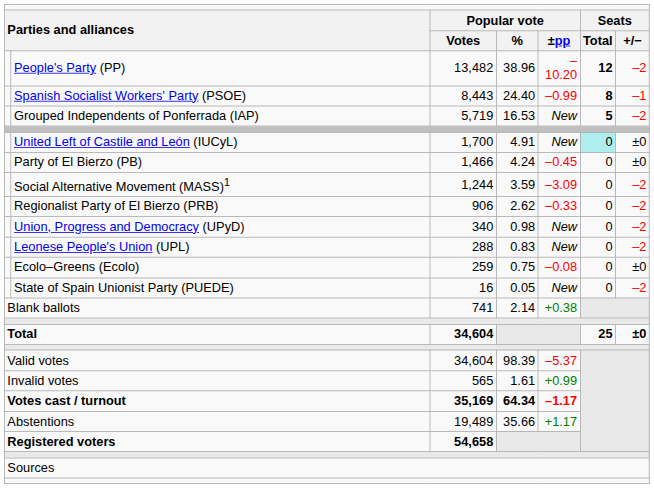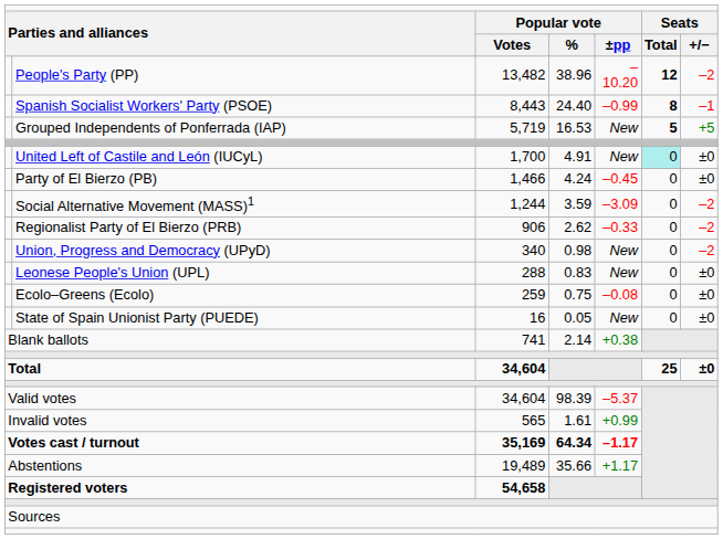 <table class="wikitable" style="text-align:right;">
 <tr>
 <td colspan="7"></td>
 </tr>
 <tr>
 <th style="text-align:left;" rowspan="2" colspan="2" width="525">Parties and alliances</th>
 <th colspan="3">Popular vote</th>
 <th colspan="2">Seats</th>
 </tr>
 <tr>
 <th width="75">Votes</th>
 <th width="45">%</th>
 <th width="45">±<a href='#'>pp</a></th>
 <th width="35">Total</th>
 <th width="35">+/−</th>
 </tr>
 <tr>
 <td width="1" style="color:inherit;background:"></td>
 <td align="left"><a href='#'>People's Party</a> (PP)</td>
 <td>13,482</td>
 <td>38.96</td>
 <td style="color:red;">–10.20</td>
 <td><strong>12</strong></td>
 <td style="color:red;">–2</td>
 </tr>
 <tr>
 <td style="color:inherit;background:"></td>
 <td align="left"><a href='#'>Spanish Socialist Workers' Party</a> (PSOE)</td>
 <td>8,443</td>
 <td>24.40</td>
 <td style="color:red;">–0.99</td>
 <td><strong>8</strong></td>
 <td style="color:red;">–1</td>
 </tr>
 <tr>
 <td style="color:inherit;background:"></td>
 <td align="left">Grouped Independents of Ponferrada (IAP)</td>
 <td>5,719</td>
 <td>16.53</td>
 <td><em>New</em></td>
 <td><strong>5</strong></td>
-<td style="color:red;">–2</td>
+<td style="color:green;">+5</td>
 </tr>
 <tr>
 <td colspan="7" bgcolor="#C0C0C0"></td>
 </tr>
 <tr>
 <td style="color:inherit;background:"></td>
 <td align="left"><a href='#'>United Left of Castile and León</a> (IUCyL)</td>
 <td>1,700</td>
 <td>4.91</td>
 <td><em>New</em></td>
 <td style="background: paleturquoise;">0</td>
 <td>±0</td>
 </tr>
 <tr>
 <td style="color:inherit;background:"></td>
 <td align="left">Party of El Bierzo (PB)</td>
 <td>1,466</td>
 <td>4.24</td>
 <td style="color:red;">–0.45</td>
 <td>0</td>
 <td>±0</td>
 </tr>
 <tr>
 <td style="color:inherit;background:"></td>
 <td align="left">Social Alternative Movement (MASS)<sup>1</sup></td>
 <td>1,244</td>
 <td>3.59</td>
 <td style="color:red;">–3.09</td>
 <td>0</td>
 <td style="color:red;">–2</td>
 </tr>
 <tr>
 <td style="color:inherit;background:"></td>
 <td align="left">Regionalist Party of El Bierzo (PRB)</td>
 <td>906</td>
 <td>2.62</td>
 <td style="color:red;">–0.33</td>
 <td>0</td>
 <td style="color:red;">–2</td>
 </tr>
 <tr>
 <td style="color:inherit;background:"></td>
 <td align="left"><a href='#'>Union, Progress and Democracy</a> (UPyD)</td>
 <td>340</td>
 <td>0.98</td>
 <td><em>New</em></td>
 <td>0</td>
 <td style="color:red;">–2</td>
 </tr>
 <tr>
 <td style="color:inherit;background:"></td>
 <td align="left"><a href='#'>Leonese People's Union</a> (UPL)</td>
 <td>288</td>
 <td>0.83</td>
 <td><em>New</em></td>
 <td>0</td>
-<td style="color:red;">–2</td>
+<td>±0</td>
 </tr>
 <tr>
 <td style="color:inherit;background:"></td>
 <td align="left">Ecolo–Greens (Ecolo)</td>
 <td>259</td>
 <td>0.75</td>
 <td style="color:red;">–0.08</td>
 <td>0</td>
 <td>±0</td>
 </tr>
 <tr>
 <td style="color:inherit;background:"></td>
 <td align="left">State of Spain Unionist Party (PUEDE)</td>
 <td>16</td>
 <td>0.05</td>
 <td><em>New</em></td>
 <td>0</td>
-<td style="color:red;">–2</td>
+<td>±0</td>
 </tr>
 <tr>
 <td align="left" colspan="2">Blank ballots</td>
 <td>741</td>
 <td>2.14</td>
 <td style="color:green;">+0.38</td>
 <td bgcolor="#E9E9E9" colspan="2"></td>
 </tr>
 <tr>
 <td colspan="7" bgcolor="#E9E9E9"></td>
 </tr>
 <tr style="font-weight:bold;">
 <td align="left" colspan="2">Total</td>
 <td>34,604</td>
 <td bgcolor="#E9E9E9" colspan="2"></td>
 <td>25</td>
 <td>±0</td>
 </tr>
 <tr>
 <td colspan="7" bgcolor="#E9E9E9"></td>
 </tr>
 <tr>
 <td align="left" colspan="2">Valid votes</td>
 <td>34,604</td>
 <td>98.39</td>
 <td style="color:red;">–5.37</td>
 <td bgcolor="#E9E9E9" colspan="2" rowspan="5"></td>
 </tr>
 <tr>
 <td align="left" colspan="2">Invalid votes</td>
 <td>565</td>
 <td>1.61</td>
 <td style="color:green;">+0.99</td>
 </tr>
 <tr style="font-weight:bold;">
 <td align="left" colspan="2">Votes cast / turnout</td>
 <td>35,169</td>
 <td>64.34</td>
 <td style="color:red;">–1.17</td>
 </tr>
 <tr>
 <td align="left" colspan="2">Abstentions</td>
 <td>19,489</td>
 <td>35.66</td>
 <td style="color:green;">+1.17</td>
 </tr>
 <tr style="font-weight:bold;">
 <td align="left" colspan="2">Registered voters</td>
 <td>54,658</td>
 <td bgcolor="#E9E9E9" colspan="2"></td>
 </tr>
 <tr>
 <td colspan="7" bgcolor="#E9E9E9"></td>
 </tr>
 <tr>
 <td align="left" colspan="7">Sources</td>
 </tr>
 <tr>
 <td colspan="7" style="text-align:left; max-width:790px;"></td>
 </tr>
 </table>
